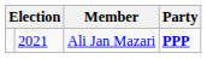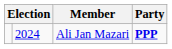 <table class="wikitable">
 <tr>
 <th colspan="2">Election</th>
 <th>Member</th>
 <th>Party</th>
 </tr>
 <tr>
 <td style="background-color: "></td>
-<td><a href='#'>2021</a></td>
+<td><a href='#'>2024</a></td>
 <td><a href='#'>Ali Jan Mazari</a></td>
 <td><strong><a href='#'>PPP</a></strong></td>
 </tr>
 </table>
